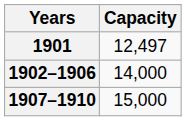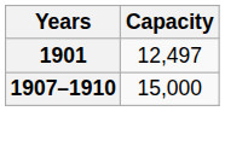 <table class="wikitable">
 <tr>
 <th scope="row">Years</th>
 <th scope="row">Capacity</th>
 </tr>
 <tr>
 <th scope="row">1901</th>
 <td style="text-align:center">12,497</td>
 </tr>
 <tr>
-<th scope="row">1902–1906</th>
-<td style="text-align:center">14,000</td>
-</tr>
-<tr>
 <th scope="row">1907–1910</th>
 <td style="text-align:center">15,000</td>
 </tr>
 </table>
